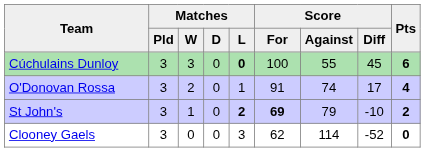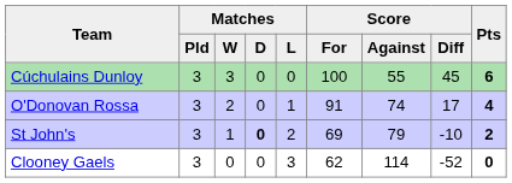 <table style=border-collapse:collapse border=1 cellspacing=0 cellpadding=5>
 <tr align=center bgcolor=#efefef>
 <th rowspan=2 width=165>Team</th>
 <th colspan=4>Matches</th>
 <th colspan=3>Score</th>
 <th rowspan=2width=20>Pts</th>
 </tr>
 <tr align=center bgcolor=#efefef>
 <th width=20>Pld</th>
 <th width=20>W</th>
 <th width=20>D</th>
 <th width=20>L</th>
 <th width=45>For</th>
 <th width=45>Against</th>
 <th width=30>Diff</th>
 </tr>
 <tr align=center style="background:#ACE1AF;">
 <td style="text-align:left;"><a href='#'>Cúchulains Dunloy</a></td>
 <td>3</td>
 <td>3</td>
 <td>0</td>
-<td><strong>0</strong></td>
+<td>0</td>
 <td>100</td>
 <td>55</td>
 <td>45</td>
 <td><strong>6</strong></td>
 </tr>
 <tr align=center style="background:#ccccff;">
 <td style="text-align:left;"><a href='#'>O'Donovan Rossa</a></td>
 <td>3</td>
 <td>2</td>
 <td>0</td>
 <td>1</td>
 <td>91</td>
 <td>74</td>
 <td>17</td>
 <td><strong>4</strong></td>
 </tr>
 <tr align=center  style="background:#ccccff;">
 <td style="text-align:left;"><a href='#'>St John's</a></td>
 <td>3</td>
 <td>1</td>
-<td>0</td>
-<td><strong>2</strong></td>
-<td><strong>69</strong></td>
+<td><strong>0</strong></td>
+<td>2</td>
+<td>69</td>
 <td>79</td>
 <td>-10</td>
 <td><strong>2</strong></td>
 </tr>
 <tr align=center>
 <td style="text-align:left;"><a href='#'>Clooney Gaels</a></td>
 <td>3</td>
 <td>0</td>
 <td>0</td>
 <td>3</td>
 <td>62</td>
 <td>114</td>
 <td>-52</td>
 <td><strong>0</strong></td>
 </tr>
 </table>
